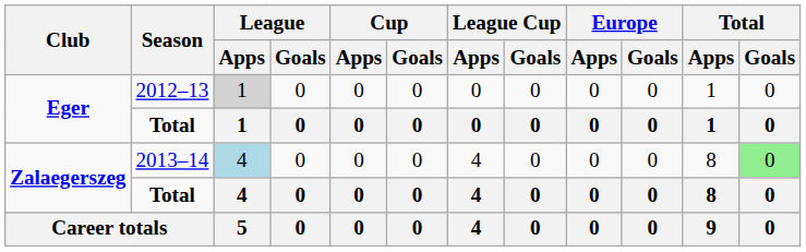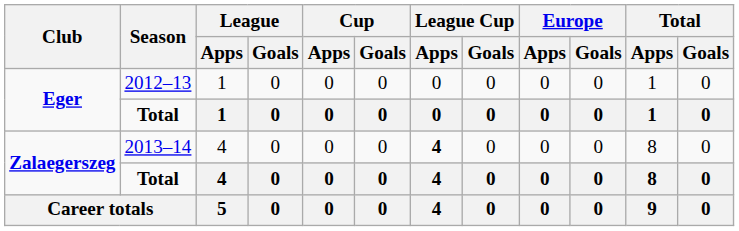 <table class="wikitable" style="font-size:90%; text-align: center;">
 <tr>
 <th rowspan="2">Club</th>
 <th rowspan="2">Season</th>
 <th colspan="2">League</th>
 <th colspan="2">Cup</th>
 <th colspan="2">League Cup</th>
 <th colspan="2"><a href='#'>Europe</a></th>
 <th colspan="2">Total</th>
 </tr>
 <tr>
 <th>Apps</th>
 <th>Goals</th>
 <th>Apps</th>
 <th>Goals</th>
 <th>Apps</th>
 <th>Goals</th>
 <th>Apps</th>
 <th>Goals</th>
 <th>Apps</th>
 <th>Goals</th>
 </tr>
 <tr>
 <td rowspan="2" align=center valign=center><strong><a href='#'>Eger</a></strong></td>
 <td !colspan="2"><a href='#'>2012–13</a></td>
-<td style="background: lightgrey;">1</td>
+<td>1</td>
 <td>0</td>
 <td>0</td>
 <td>0</td>
 <td>0</td>
 <td>0</td>
 <td>0</td>
 <td>0</td>
 <td>1</td>
 <td>0</td>
 </tr>
 <tr>
 <td !colspan="2"><strong>Total</strong></td>
 <th>1</th>
 <th>0</th>
 <th>0</th>
 <th>0</th>
 <th>0</th>
 <th>0</th>
 <th>0</th>
 <th>0</th>
 <th>1</th>
 <th>0</th>
 </tr>
 <tr>
 <td rowspan="2" align=center valign=center><strong><a href='#'>Zalaegerszeg</a></strong></td>
 <td !colspan="2"><a href='#'>2013–14</a></td>
-<td style="background: lightblue;">4</td>
-<td>0</td>
-<td>0</td>
-<td>0</td>
 <td>4</td>
 <td>0</td>
 <td>0</td>
 <td>0</td>
+<td><strong>4</strong></td>
+<td>0</td>
+<td>0</td>
+<td>0</td>
 <td>8</td>
-<td style="background: lightgreen;">0</td>
+<td>0</td>
 </tr>
 <tr>
 <td !colspan="2"><strong>Total</strong></td>
 <th>4</th>
 <th>0</th>
 <th>0</th>
 <th>0</th>
 <th>4</th>
 <th>0</th>
 <th>0</th>
 <th>0</th>
 <th>8</th>
 <th>0</th>
 </tr>
 <tr>
 <th colspan="2">Career totals</th>
 <th>5</th>
 <th>0</th>
 <th>0</th>
 <th>0</th>
 <th>4</th>
 <th>0</th>
 <th>0</th>
 <th>0</th>
 <th>9</th>
 <th>0</th>
 </tr>
 </table>
